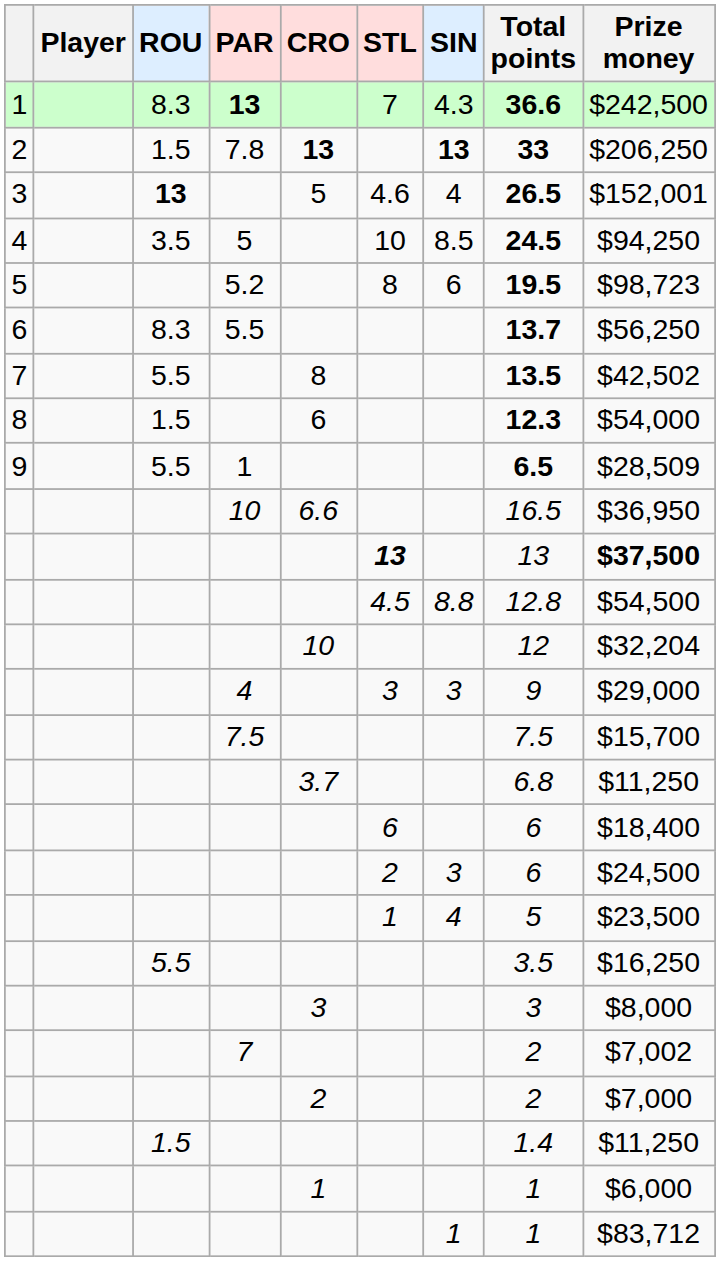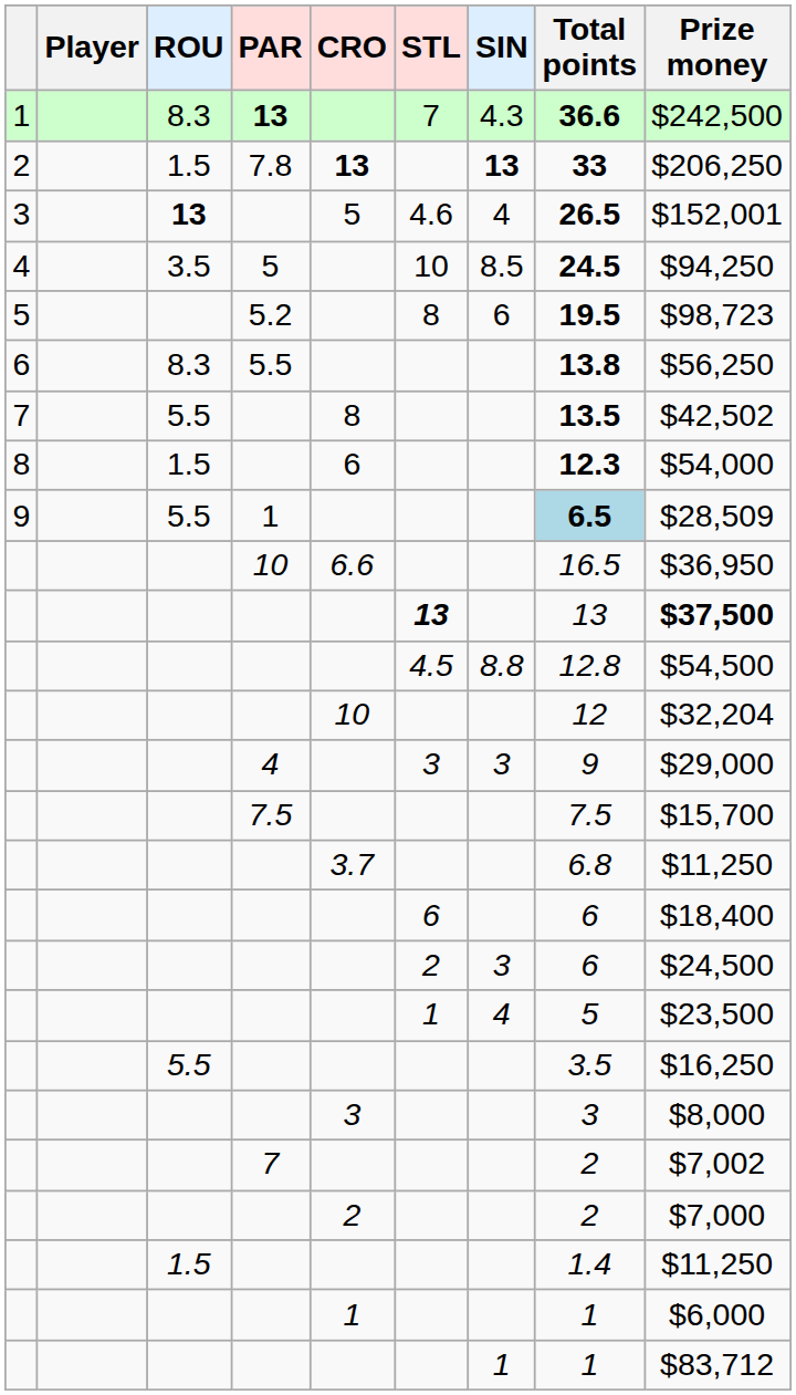 <table class="wikitable sortable" style="text-align:center;">
 <tr>
 <th></th>
 <th>Player</th>
 <th style="background-color:#ddeeff">ROU</th>
 <th style="background-color:#ffdddd">PAR</th>
 <th style="background-color:#ffdddd">CRO</th>
 <th style="background-color:#ffdddd">STL</th>
 <th style="background-color:#ddeeff">SIN</th>
 <th>Total<br>points</th>
 <th>Prize<br>money</th>
 </tr>
 <tr style="background-color:#ccffcc"|>
 <td>1</td>
 <td align=left><strong></strong></td>
 <td>8.3</td>
 <td><strong>13</strong></td>
 <td></td>
 <td>7</td>
 <td>4.3</td>
 <td><strong>36.6</strong></td>
 <td>$242,500</td>
 </tr>
 <tr>
 <td>2</td>
 <td align=left></td>
 <td>1.5</td>
 <td>7.8</td>
 <td><strong>13</strong></td>
 <td></td>
 <td><strong>13</strong></td>
 <td><strong>33</strong></td>
 <td>$206,250</td>
 </tr>
 <tr>
 <td>3</td>
 <td align=left></td>
 <td><strong>13</strong></td>
 <td></td>
 <td>5</td>
 <td>4.6</td>
 <td>4</td>
 <td><strong>26.5</strong></td>
 <td>$152,001</td>
 </tr>
 <tr>
 <td>4</td>
 <td align=left></td>
 <td>3.5</td>
 <td>5</td>
 <td></td>
 <td>10</td>
 <td>8.5</td>
 <td><strong>24.5</strong></td>
 <td>$94,250</td>
 </tr>
 <tr>
 <td>5</td>
 <td align=left></td>
 <td></td>
 <td>5.2</td>
 <td></td>
 <td>8</td>
 <td>6</td>
 <td><strong>19.5</strong></td>
 <td>$98,723</td>
 </tr>
 <tr>
 <td>6</td>
 <td align=left></td>
 <td>8.3</td>
 <td>5.5</td>
 <td></td>
 <td></td>
 <td></td>
-<td><strong>13.7</strong></td>
+<td><strong>13.8</strong></td>
 <td>$56,250</td>
 </tr>
 <tr>
 <td>7</td>
 <td align=left></td>
 <td>5.5</td>
 <td></td>
 <td>8</td>
 <td></td>
 <td></td>
 <td><strong>13.5</strong></td>
 <td>$42,502</td>
 </tr>
 <tr>
 <td>8</td>
 <td align=left></td>
 <td>1.5</td>
 <td></td>
 <td>6</td>
 <td></td>
 <td></td>
 <td><strong>12.3</strong></td>
 <td>$54,000</td>
 </tr>
 <tr>
 <td>9</td>
 <td align=left></td>
 <td>5.5</td>
 <td>1</td>
 <td></td>
 <td></td>
 <td></td>
-<td><strong>6.5</strong></td>
+<td style="background: lightblue;"><strong>6.5</strong></td>
 <td>$28,509</td>
 </tr>
 <tr>
 <td></td>
 <td align=left><em></em></td>
 <td></td>
 <td><em>10</em></td>
 <td><em>6.6</em></td>
 <td></td>
 <td></td>
 <td><em>16.5</em></td>
 <td>$36,950</td>
 </tr>
 <tr>
 <td></td>
 <td align=left><em></em></td>
 <td></td>
 <td></td>
 <td></td>
 <td><strong><em>13</em></strong></td>
 <td></td>
 <td><em>13</em></td>
 <td><strong>$37,500</strong></td>
 </tr>
 <tr>
 <td></td>
 <td align=left><em></em></td>
 <td></td>
 <td></td>
 <td></td>
 <td><em>4.5</em></td>
 <td><em>8.8</em></td>
 <td><em>12.8</em></td>
 <td>$54,500</td>
 </tr>
 <tr>
 <td></td>
 <td align=left><em></em></td>
 <td></td>
 <td></td>
 <td><em>10</em></td>
 <td></td>
 <td></td>
 <td><em>12</em></td>
 <td>$32,204</td>
 </tr>
 <tr>
 <td></td>
 <td align=left><em></em></td>
 <td></td>
 <td><em>4</em></td>
 <td></td>
 <td><em>3</em></td>
 <td><em>3</em></td>
 <td><em>9</em></td>
 <td>$29,000</td>
 </tr>
 <tr>
 <td></td>
 <td align=left><em></em></td>
 <td></td>
 <td><em>7.5</em></td>
 <td></td>
 <td></td>
 <td></td>
 <td><em>7.5</em></td>
 <td>$15,700</td>
 </tr>
 <tr>
 <td></td>
 <td align=left><em></em></td>
 <td></td>
 <td></td>
 <td><em>3.7</em></td>
 <td></td>
 <td></td>
 <td><em>6.8</em></td>
 <td>$11,250</td>
 </tr>
 <tr>
 <td></td>
 <td align=left><em></em></td>
 <td></td>
 <td></td>
 <td></td>
 <td><em>6</em></td>
 <td></td>
 <td><em>6</em></td>
 <td>$18,400</td>
 </tr>
 <tr>
 <td></td>
 <td align=left><em></em></td>
 <td></td>
 <td></td>
 <td></td>
 <td><em>2</em></td>
 <td><em>3</em></td>
 <td><em>6</em></td>
 <td>$24,500</td>
 </tr>
 <tr>
 <td></td>
 <td align=left><em></em></td>
 <td></td>
 <td></td>
 <td></td>
 <td><em>1</em></td>
 <td><em>4</em></td>
 <td><em>5</em></td>
 <td>$23,500</td>
 </tr>
 <tr>
 <td></td>
 <td align=left><em></em></td>
 <td><em>5.5</em></td>
 <td></td>
 <td></td>
 <td></td>
 <td></td>
 <td><em>3.5</em></td>
 <td>$16,250</td>
 </tr>
 <tr>
 <td></td>
 <td align=left><em></em></td>
 <td></td>
 <td></td>
 <td><em>3</em></td>
 <td></td>
 <td></td>
 <td><em>3</em></td>
 <td>$8,000</td>
 </tr>
 <tr>
 <td></td>
 <td align=left><em></em><br><em></em></td>
 <td></td>
 <td><em>7</em></td>
 <td></td>
 <td></td>
 <td></td>
 <td><em>2</em></td>
 <td>$7,002</td>
 </tr>
 <tr>
 <td></td>
 <td align=left><em></em><br><em></em></td>
 <td></td>
 <td></td>
 <td><em>2</em></td>
 <td></td>
 <td></td>
 <td><em>2</em></td>
 <td>$7,000</td>
 </tr>
 <tr>
 <td></td>
 <td align=left><em></em></td>
 <td><em>1.5</em></td>
 <td></td>
 <td></td>
 <td></td>
 <td></td>
 <td><em>1.4</em></td>
 <td>$11,250</td>
 </tr>
 <tr>
 <td></td>
 <td align=left><em></em></td>
 <td></td>
 <td></td>
 <td><em>1</em></td>
 <td></td>
 <td></td>
 <td><em>1</em></td>
 <td>$6,000</td>
 </tr>
 <tr>
 <td></td>
 <td align=left><em></em></td>
 <td></td>
 <td></td>
 <td></td>
 <td></td>
 <td><em>1</em></td>
 <td><em>1</em></td>
 <td>$83,712</td>
 </tr>
 </table>
